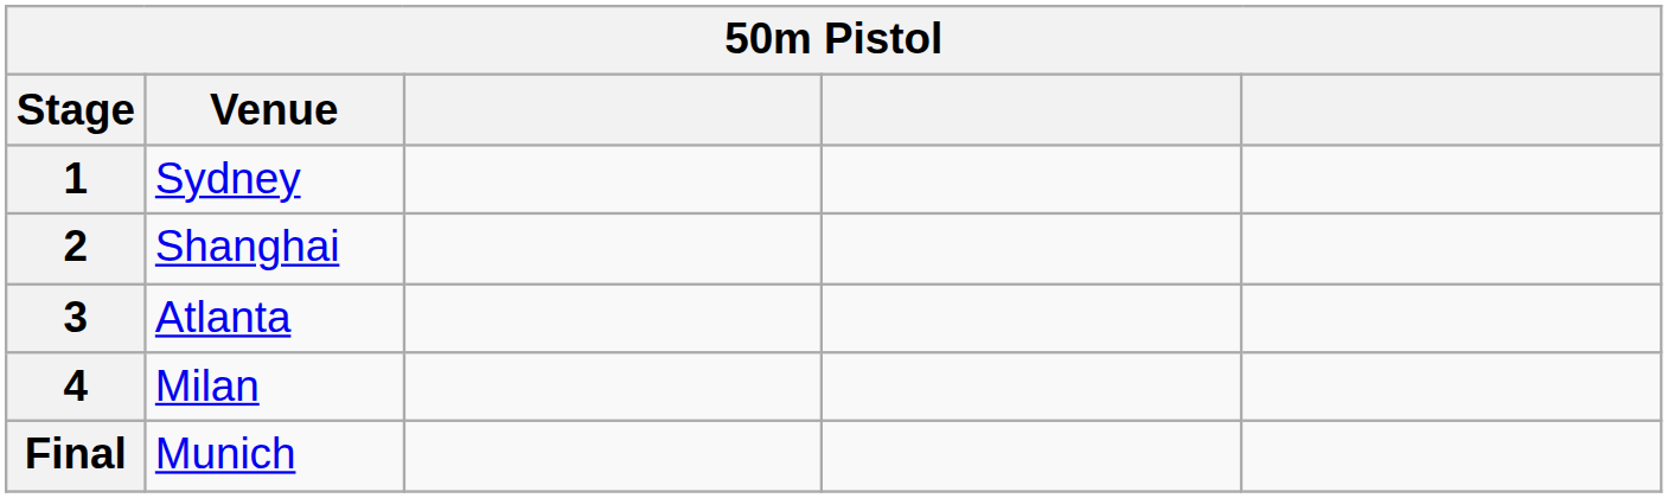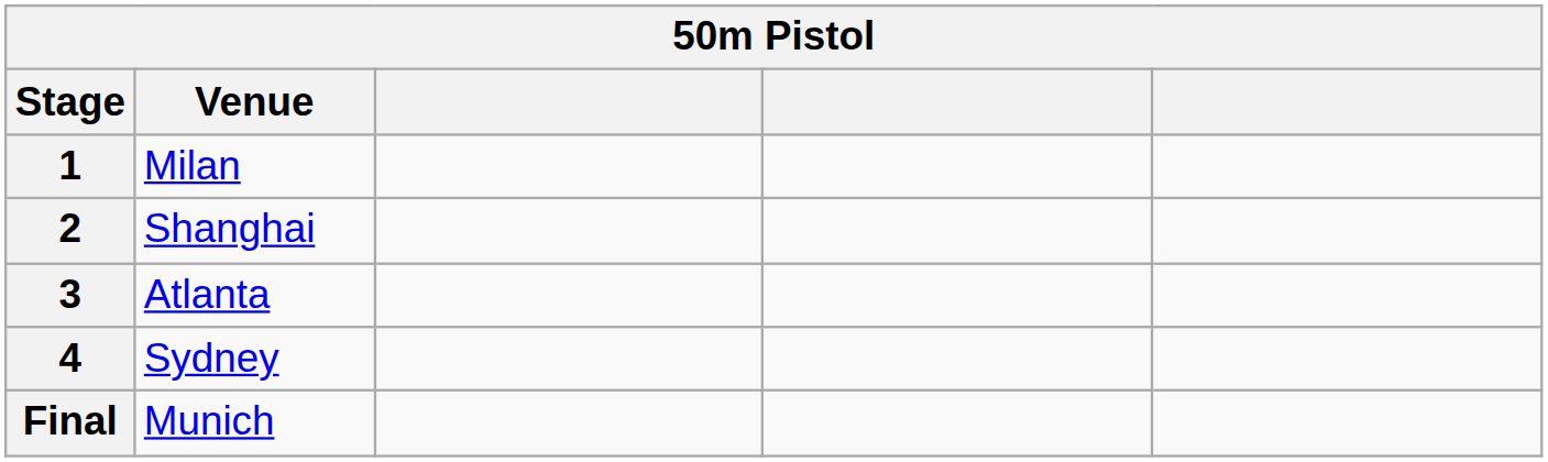 <table class="wikitable">
 <tr>
 <th colspan="5">50m Pistol</th>
 </tr>
 <tr>
 <th>Stage</th>
 <th width=100>Venue</th>
 <th width=240></th>
 <th width=240></th>
 <th width=240></th>
 </tr>
 <tr>
 <th>1</th>
-<td> <a href='#'>Sydney</a></td>
+<td> <a href='#'>Milan</a></td>
 <td></td>
 <td></td>
 <td></td>
 </tr>
 <tr>
 <th>2</th>
 <td> <a href='#'>Shanghai</a></td>
 <td></td>
 <td></td>
 <td></td>
 </tr>
 <tr>
 <th>3</th>
 <td> <a href='#'>Atlanta</a></td>
 <td></td>
 <td></td>
 <td></td>
 </tr>
 <tr>
 <th>4</th>
-<td> <a href='#'>Milan</a></td>
+<td> <a href='#'>Sydney</a></td>
 <td></td>
 <td></td>
 <td></td>
 </tr>
 <tr>
 <th>Final</th>
 <td> <a href='#'>Munich</a></td>
 <td></td>
 <td></td>
 <td></td>
 </tr>
 </table>
